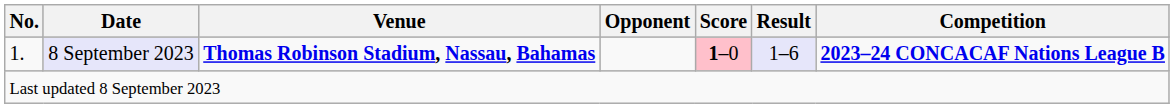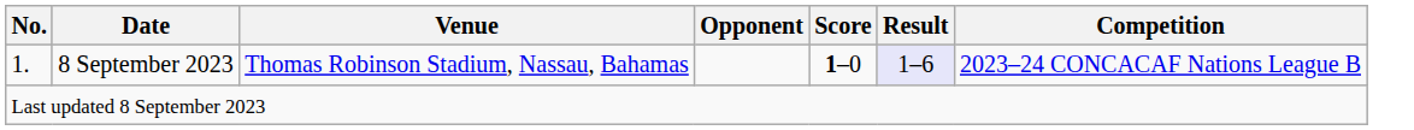 <table class="wikitable" style="font-size:85%;">
 <tr>
 <th>No.</th>
 <th>Date</th>
 <th>Venue</th>
 <th>Opponent</th>
 <th>Score</th>
 <th>Result</th>
 <th>Competition</th>
 </tr>
 <tr>
 <td>1.</td>
-<td style="background: lavender;">8 September 2023</td>
-<td><strong><a href='#'>Thomas Robinson Stadium</a>, <a href='#'>Nassau</a>, <a href='#'>Bahamas</a></strong></td>
+<td>8 September 2023</td>
+<td><a href='#'>Thomas Robinson Stadium</a>, <a href='#'>Nassau</a>, <a href='#'>Bahamas</a></td>
 <td></td>
-<td align=center style="background: pink;"><strong>1</strong>–0</td>
+<td align=center><strong>1</strong>–0</td>
 <td align=center style="background: lavender;">1–6</td>
-<td><strong><a href='#'>2023–24 CONCACAF Nations League B</a></strong></td>
+<td><a href='#'>2023–24 CONCACAF Nations League B</a></td>
 </tr>
 <tr>
 <td colspan="7"><small>Last updated 8 September 2023 </small></td>
 </tr>
 </table>
